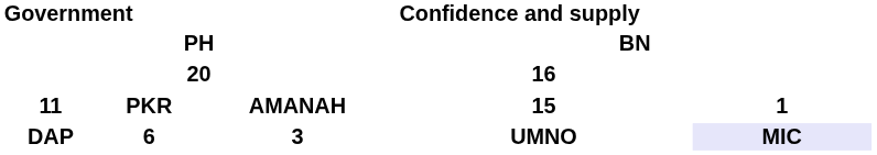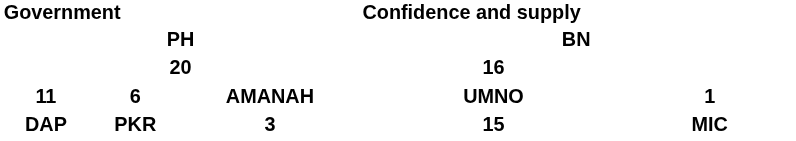 <table style="width:40em;">
 <tr>
 <td colspan="3" style="color:"><strong>Government</strong></td>
 <td colspan="2" style="color:"><strong>Confidence and supply</strong></td>
 </tr>
 <tr style="text-align:center;">
 <td colspan="3" style="color:"><strong>PH</strong></td>
 <td colspan="2" style="color:"><strong>BN</strong></td>
 </tr>
 <tr style="text-align:center;">
 <td colspan="3" style="background:"><strong>20</strong></td>
 <td style="background:"><strong>16</strong></td>
 </tr>
 <tr>
 </tr>
 <tr style="text-align:center;">
 <td style="background:"><strong>11</strong></td>
-<td style="color:"><strong>PKR</strong></td>
+<td style="background:"><strong>6</strong></td>
 <td style="color:"><strong>AMANAH</strong></td>
-<td style="background:"><strong>15</strong></td>
+<td style="color:"><strong>UMNO</strong></td>
 <td style="background:"><strong>1</strong></td>
 </tr>
 <tr style="text-align:center;">
 <td style="color:"><strong>DAP</strong></td>
-<td style="background:"><strong>6</strong></td>
+<td style="color:"><strong>PKR</strong></td>
 <td style="background:"><strong>3</strong></td>
-<td style="color:"><strong>UMNO</strong></td>
-<td style="background: lavender; color:"><strong>MIC</strong></td>
+<td style="background:"><strong>15</strong></td>
+<td style="color:"><strong>MIC</strong></td>
 </tr>
 </table>
